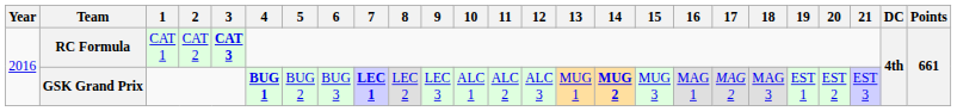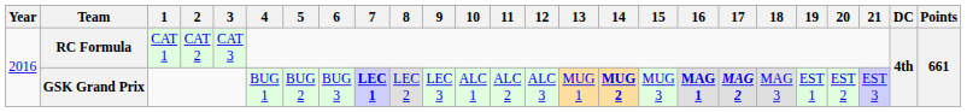 <table class="wikitable" style="text-align:center; font-size:85%">
 <tr>
 <th>Year</th>
 <th>Team</th>
 <th>1</th>
 <th>2</th>
 <th>3</th>
 <th>4</th>
 <th>5</th>
 <th>6</th>
 <th>7</th>
 <th>8</th>
 <th>9</th>
 <th>10</th>
 <th>11</th>
 <th>12</th>
 <th>13</th>
 <th>14</th>
 <th>15</th>
 <th>16</th>
 <th>17</th>
 <th>18</th>
 <th>19</th>
 <th>20</th>
 <th>21</th>
 <th>DC</th>
 <th>Points</th>
 </tr>
 <tr>
 <td rowspan="2"><a href='#'>2016</a></td>
 <th nowrap>RC Formula</th>
 <td style="background:#DFFFDF;"><a href='#'>CAT<br>1</a><br></td>
 <td style="background:#DFFFDF;"><a href='#'>CAT<br>2</a><br></td>
-<td style="background:#DFFFDF;"><strong><a href='#'>CAT<br>3</a><br></strong></td>
+<td style="background:#DFFFDF;"><a href='#'>CAT<br>3</a><br></td>
 <td colspan=18></td>
 <th rowspan="2">4th</th>
 <th rowspan="2">661</th>
 </tr>
 <tr>
 <th nowrap>GSK Grand Prix</th>
 <td colspan=3></td>
-<td style="background:#DFFFDF;"><strong><a href='#'>BUG<br>1</a><br></strong></td>
+<td style="background:#DFFFDF;"><a href='#'>BUG<br>1</a><br></td>
 <td style="background:#DFFFDF;"><a href='#'>BUG<br>2</a><br></td>
 <td style="background:#DFFFDF;"><a href='#'>BUG<br>3</a><br></td>
 <td style="background:#CFCFFF;"><strong><a href='#'>LEC<br>1</a></strong><br></td>
 <td style="background:#DFDFDF;"><a href='#'>LEC<br>2</a><br></td>
 <td style="background:#DFFFDF;"><a href='#'>LEC<br>3</a><br></td>
 <td style="background:#DFFFDF;"><a href='#'>ALC<br>1</a><br></td>
 <td style="background:#DFFFDF;"><a href='#'>ALC<br>2</a><br></td>
 <td style="background:#DFFFDF;"><a href='#'>ALC<br>3</a><br></td>
 <td style="background:#FFDF9F;"><a href='#'>MUG<br>1</a><br></td>
 <td style="background:#FFDF9F;"><strong><a href='#'>MUG<br>2</a></strong><br></td>
 <td style="background:#DFFFDF;"><a href='#'>MUG<br>3</a><br></td>
-<td style="background:#DFDFDF;"><a href='#'>MAG<br>1</a><br></td>
-<td style="background:#DFDFDF;"><em><a href='#'>MAG<br>2</a></em><br></td>
+<td style="background:#DFDFDF;"><strong><a href='#'>MAG<br>1</a><br></strong></td>
+<td style="background:#DFDFDF;"><strong><em><a href='#'>MAG<br>2</a></em><br></strong></td>
 <td style="background:#DFDFDF;"><a href='#'>MAG<br>3</a><br></td>
 <td style="background:#DFFFDF;"><a href='#'>EST<br>1</a><br></td>
 <td style="background:#DFFFDF;"><a href='#'>EST<br>2</a><br></td>
 <td style="background:#CFCFFF;"><a href='#'>EST<br>3</a><br></td>
 </tr>
 </table>
